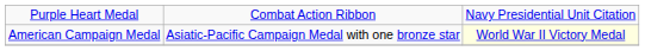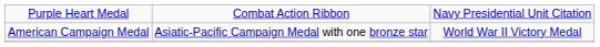 <table class="wikitable" style="margin:1em auto; text-align:center;">
 <tr>
 <td><a href='#'>Purple Heart Medal</a></td>
 <td><a href='#'>Combat Action Ribbon</a></td>
 <td><a href='#'>Navy Presidential Unit Citation</a></td>
 </tr>
 <tr>
 <td><a href='#'>American Campaign Medal</a></td>
 <td><a href='#'>Asiatic-Pacific Campaign Medal</a> with one <a href='#'>bronze star</a></td>
-<td style="background: lightyellow;"><a href='#'>World War II Victory Medal</a></td>
+<td><a href='#'>World War II Victory Medal</a></td>
 </tr>
 <tr>
 </tr>
 </table>
